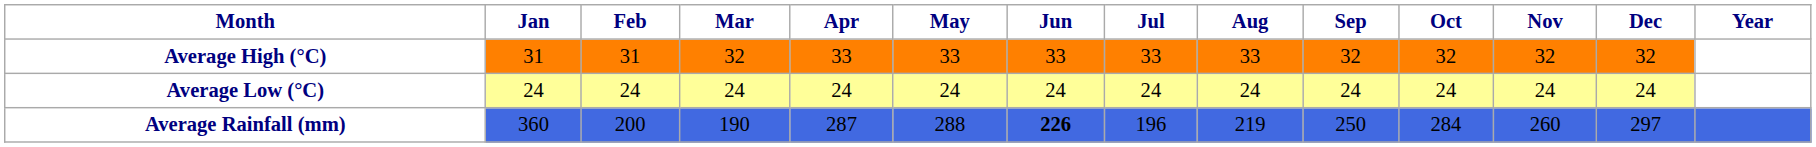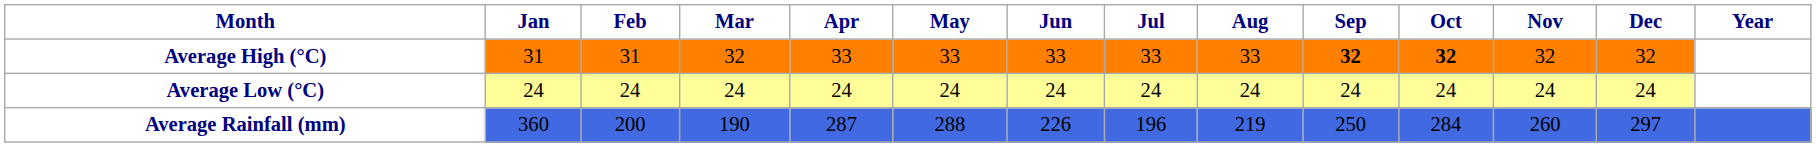 <table class="wikitable" style="font-size:90%;width:100%;border:0px;text-align:center;line-height:120%;">
 <tr>
 <th style="background: #FFFFFF; color: #000080" height="17">Month</th>
 <th style="background: #FFFFFF; color:#000080;">Jan</th>
 <th style="background: #FFFFFF; color:#000080;">Feb</th>
 <th style="background: #FFFFFF; color:#000080;">Mar</th>
 <th style="background: #FFFFFF; color:#000080;">Apr</th>
 <th style="background: #FFFFFF; color:#000080;">May</th>
 <th style="background: #FFFFFF; color:#000080;">Jun</th>
 <th style="background: #FFFFFF; color:#000080;">Jul</th>
 <th style="background: #FFFFFF; color:#000080;">Aug</th>
 <th style="background: #FFFFFF; color:#000080;">Sep</th>
 <th style="background: #FFFFFF; color:#000080;">Oct</th>
 <th style="background: #FFFFFF; color:#000080;">Nov</th>
 <th style="background: #FFFFFF; color:#000080;">Dec</th>
 <th style="background: #FFFFFF; color:#000080;">Year</th>
 </tr>
 <tr>
 <th style="background: #FFFFFF; color:#000080;">Average High (°C)<br></th>
 <td style="background: #FF8000; color:#000000;">31<br></td>
 <td style="background: #FF8000; color:#000000;">31<br></td>
 <td style="background: #FF8000; color:#000000;">32<br></td>
 <td style="background: #FF8000; color:#000000;">33<br></td>
 <td style="background: #FF8000; color:#000000;">33<br></td>
 <td style="background: #FF8000; color:#000000;">33<br></td>
 <td style="background: #FF8000; color:#000000;">33<br></td>
 <td style="background: #FF8000; color:#000000;">33<br></td>
-<td style="background: #FF8000; color:#000000;">32<br></td>
-<td style="background: #FF8000; color:#000000;">32<br></td>
+<td style="background: #FF8000; color:#000000;"><strong>32<br></strong></td>
+<td style="background: #FF8000; color:#000000;"><strong>32<br></strong></td>
 <td style="background: #FF8000; color:#000000;">32<br></td>
 <td style="background: #FF8000; color:#000000;">32<br></td>
 <td style="background: #FFFFFF; color:#000000;"></td>
 </tr>
 <tr>
 <th style="background: #FFFFFF; color:#000080;" height="16;">Average Low (°C)<br></th>
 <td style="background: #FFFF99; color: black;">24<br></td>
 <td style="background: #FFFF99; color: black;">24<br></td>
 <td style="background: #FFFF99; color: black;">24<br></td>
 <td style="background: #FFFF99; color: black;">24<br></td>
 <td style="background: #FFFF99; color: black;">24<br></td>
 <td style="background: #FFFF99; color: black;">24<br></td>
 <td style="background: #FFFF99; color: black;">24<br></td>
 <td style="background: #FFFF99; color: black;">24<br></td>
 <td style="background: #FFFF99; color: black;">24<br></td>
 <td style="background: #FFFF99; color: black;">24<br></td>
 <td style="background: #FFFF99; color: black;">24<br></td>
 <td style="background: #FFFF99; color: black;">24<br></td>
 <td style="background: #FFFFFF; color: black;"></td>
 </tr>
 <tr>
 <th style="background: #FFFFFF; color:#000080;">Average Rainfall (mm)</th>
 <td style="background: #4169E1;">360</td>
 <td style="background: #4169E1;">200</td>
 <td style="background: #4169E1;">190</td>
 <td style="background: #4169E1;">287</td>
 <td style="background: #4169E1;">288</td>
-<td style="background: #4169E1;"><strong>226</strong></td>
+<td style="background: #4169E1;">226</td>
 <td style="background: #4169E1;">196</td>
 <td style="background: #4169E1;">219</td>
 <td style="background: #4169E1;">250</td>
 <td style="background: #4169E1;">284</td>
 <td style="background: #4169E1;">260</td>
 <td style="background: #4169E1;">297</td>
 <td style="background: #4169E1;"></td>
 </tr>
 <tr>
 </tr>
 </table>
